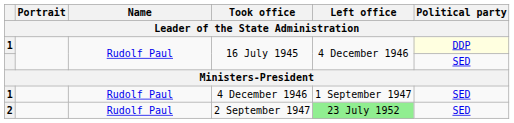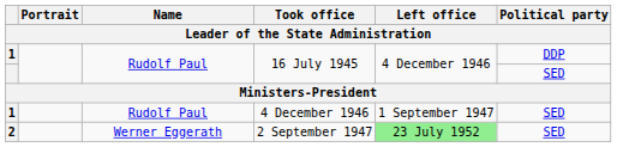 <table class="wikitable" style="text-align:center">
 <tr>
 <th></th>
 <th>Portrait</th>
 <th width=180>Name<br></th>
 <th>Took office</th>
 <th>Left office</th>
 <th>Political party</th>
 </tr>
 <tr>
 <th colspan=6>Leader of the State Administration</th>
 </tr>
 <tr>
 <th style="background:">1</th>
 <td rowspan=2></td>
 <td rowspan=2><a href='#'>Rudolf Paul</a><br></td>
 <td rowspan=2>16 July 1945</td>
 <td rowspan=2>4 December 1946</td>
-<td style="background: lightyellow;"><a href='#'>DDP</a><br></td>
+<td><a href='#'>DDP</a><br></td>
 </tr>
 <tr>
 <th style="background:"></th>
 <td><a href='#'>SED</a><br></td>
 </tr>
 <tr>
 <th colspan=6>Ministers-President</th>
 </tr>
 <tr>
 <th style="background:">1</th>
 <td></td>
 <td><a href='#'>Rudolf Paul</a><br></td>
 <td>4 December 1946</td>
 <td>1 September 1947</td>
 <td><a href='#'>SED</a></td>
 </tr>
 <tr>
 <th style="background:">2</th>
 <td></td>
-<td><a href='#'>Rudolf Paul</a><br></td>
+<td><a href='#'>Werner Eggerath</a><br></td>
 <td>2 September 1947</td>
 <td style="background: lightgreen;">23 July 1952</td>
 <td><a href='#'>SED</a></td>
 </tr>
 </table>
